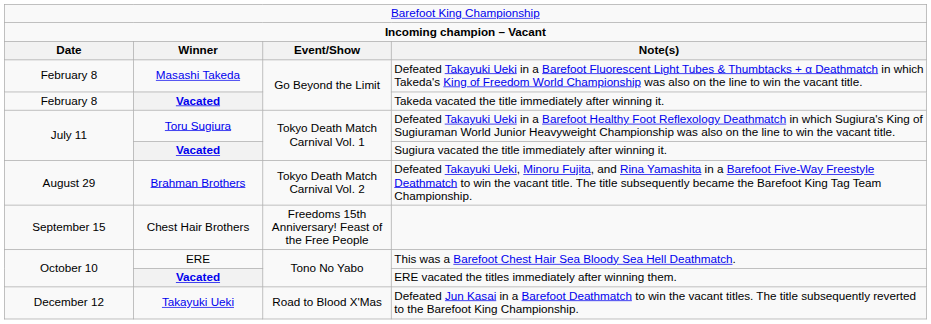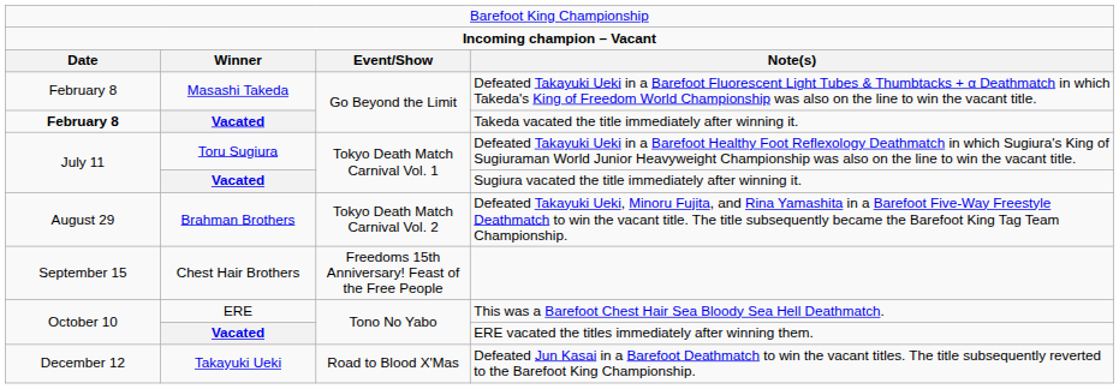 <table class="wikitable" style="text-align:center; width:100%;">
 <tr>
 <td colspan="4" style="text-align: center;"><a href='#'>Barefoot King Championship</a></td>
 </tr>
 <tr>
 <td colspan="4" style="text-align: center;"><strong>Incoming champion – Vacant</strong></td>
 </tr>
 <tr>
 <th width=14%>Date</th>
 <th width=14%>Winner</th>
 <th width=14%>Event/Show</th>
 <th width=58%>Note(s)</th>
 </tr>
 <tr>
 <td>February 8</td>
 <td><a href='#'>Masashi Takeda</a></td>
 <td rowspan=2>Go Beyond the Limit</td>
 <td align=left>Defeated <a href='#'>Takayuki Ueki</a> in a <a href='#'>Barefoot Fluorescent Light Tubes & Thumbtacks + α Deathmatch</a> in which Takeda's <a href='#'>King of Freedom World Championship</a> was also on the line to win the vacant title.</td>
 </tr>
 <tr>
-<td>February 8</td>
+<td><strong>February 8</strong></td>
 <th><a href='#'>Vacated</a></th>
 <td align=left>Takeda vacated the title immediately after winning it.</td>
 </tr>
 <tr>
 <td rowspan=2>July 11</td>
 <td><a href='#'>Toru Sugiura</a></td>
 <td rowspan=2>Tokyo Death Match Carnival Vol. 1</td>
 <td align=left>Defeated <a href='#'>Takayuki Ueki</a> in a <a href='#'>Barefoot Healthy Foot Reflexology Deathmatch</a> in which Sugiura's King of Sugiuraman World Junior Heavyweight Championship was also on the line to win the vacant title.</td>
 </tr>
 <tr>
 <th><a href='#'>Vacated</a></th>
 <td align=left>Sugiura vacated the title immediately after winning it.</td>
 </tr>
 <tr>
 <td>August 29</td>
 <td><a href='#'>Brahman Brothers</a><br></td>
 <td>Tokyo Death Match Carnival Vol. 2</td>
 <td align=left>Defeated <a href='#'>Takayuki Ueki</a>, <a href='#'>Minoru Fujita</a>, and <a href='#'>Rina Yamashita</a> in a <a href='#'>Barefoot Five-Way Freestyle Deathmatch</a> to win the vacant title. The title subsequently became the Barefoot King Tag Team Championship.</td>
 </tr>
 <tr>
 <td>September 15</td>
 <td>Chest Hair Brothers<br></td>
 <td>Freedoms 15th Anniversary! Feast of the Free People</td>
 <td></td>
 </tr>
 <tr>
 <td rowspan=2>October 10</td>
 <td>ERE<br></td>
 <td rowspan=2>Tono No Yabo</td>
 <td align=left>This was a <a href='#'>Barefoot Chest Hair Sea Bloody Sea Hell Deathmatch</a>.</td>
 </tr>
 <tr>
 <th><a href='#'>Vacated</a></th>
 <td align=left>ERE vacated the titles immediately after winning them.</td>
 </tr>
 <tr>
 <td>December 12</td>
 <td><a href='#'>Takayuki Ueki</a></td>
 <td>Road to Blood X'Mas</td>
 <td align=left>Defeated <a href='#'>Jun Kasai</a> in a <a href='#'>Barefoot Deathmatch</a> to win the vacant titles. The title subsequently reverted to the Barefoot King Championship.</td>
 </tr>
 </table>
